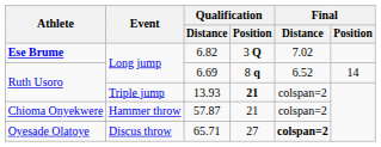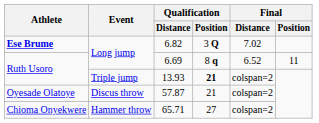 <table class=wikitable style=font-size:90%>
 <tr>
 <th rowspan=2>Athlete</th>
 <th rowspan=2>Event</th>
 <th colspan=2>Qualification</th>
 <th colspan=2>Final</th>
 </tr>
 <tr style=font-size:95%>
 <th>Distance</th>
 <th>Position</th>
 <th>Distance</th>
 <th>Position</th>
 </tr>
 <tr align=center>
 <td align=left><strong><a href='#'>Ese Brume</a></strong></td>
 <td align=left rowspan=2><a href='#'>Long jump</a></td>
 <td>6.82</td>
 <td>3 <strong>Q</strong></td>
 <td>7.02 </td>
 <td></td>
 </tr>
 <tr align=center>
 <td align=left rowspan=2><a href='#'>Ruth Usoro</a></td>
 <td>6.69</td>
 <td>8 <strong>q</strong></td>
 <td>6.52</td>
-<td>14</td>
+<td>11</td>
 </tr>
 <tr align=center>
 <td align=left><a href='#'>Triple jump</a></td>
 <td>13.93</td>
 <td><strong>21</strong></td>
 <td>colspan=2 </td>
 </tr>
 <tr align=center>
-<td align=left><a href='#'>Chioma Onyekwere</a></td>
-<td align=left><a href='#'>Hammer throw</a></td>
+<td align=left><a href='#'>Oyesade Olatoye</a></td>
+<td align=left><a href='#'>Discus throw</a></td>
 <td>57.87</td>
 <td>21</td>
 <td>colspan=2 </td>
 </tr>
 <tr align=center>
-<td align=left><a href='#'>Oyesade Olatoye</a></td>
-<td align=left><a href='#'>Discus throw</a></td>
+<td align=left><a href='#'>Chioma Onyekwere</a></td>
+<td align=left><a href='#'>Hammer throw</a></td>
 <td>65.71</td>
 <td>27</td>
-<td><strong>colspan=2 </strong></td>
+<td>colspan=2 </td>
 </tr>
 </table>
